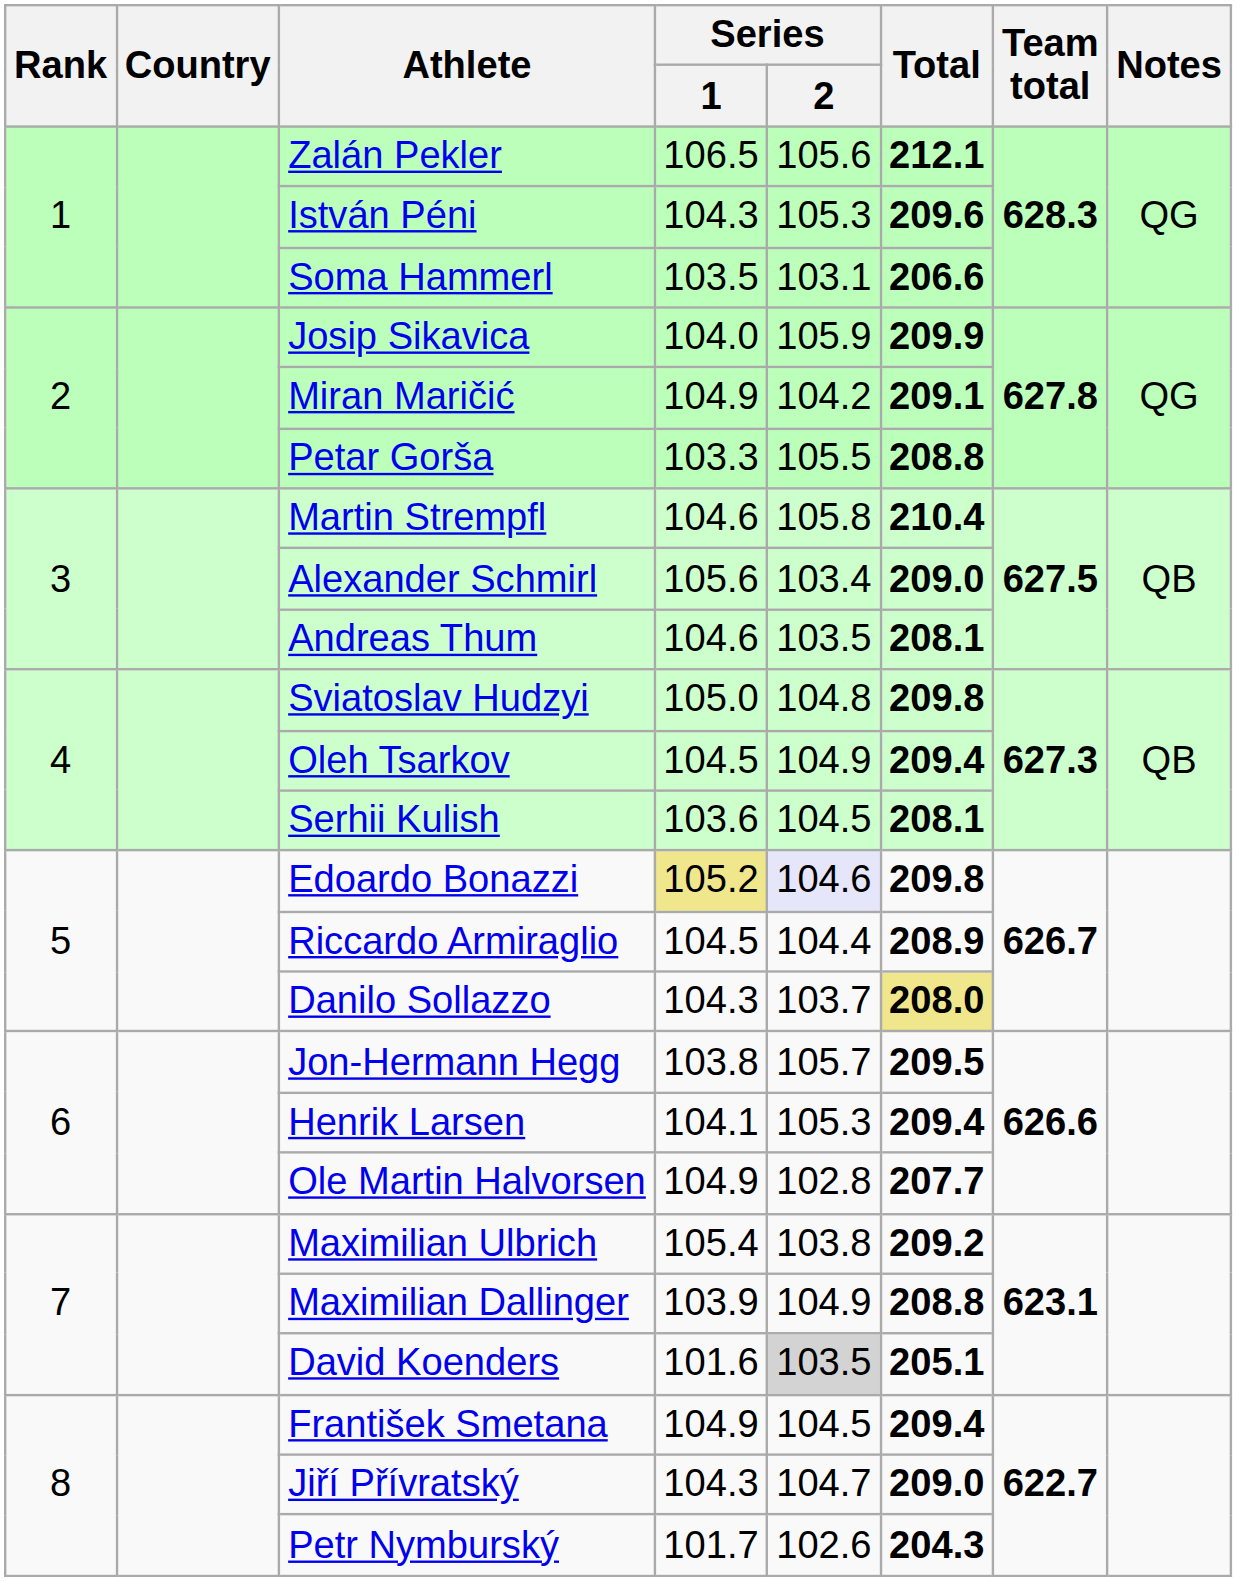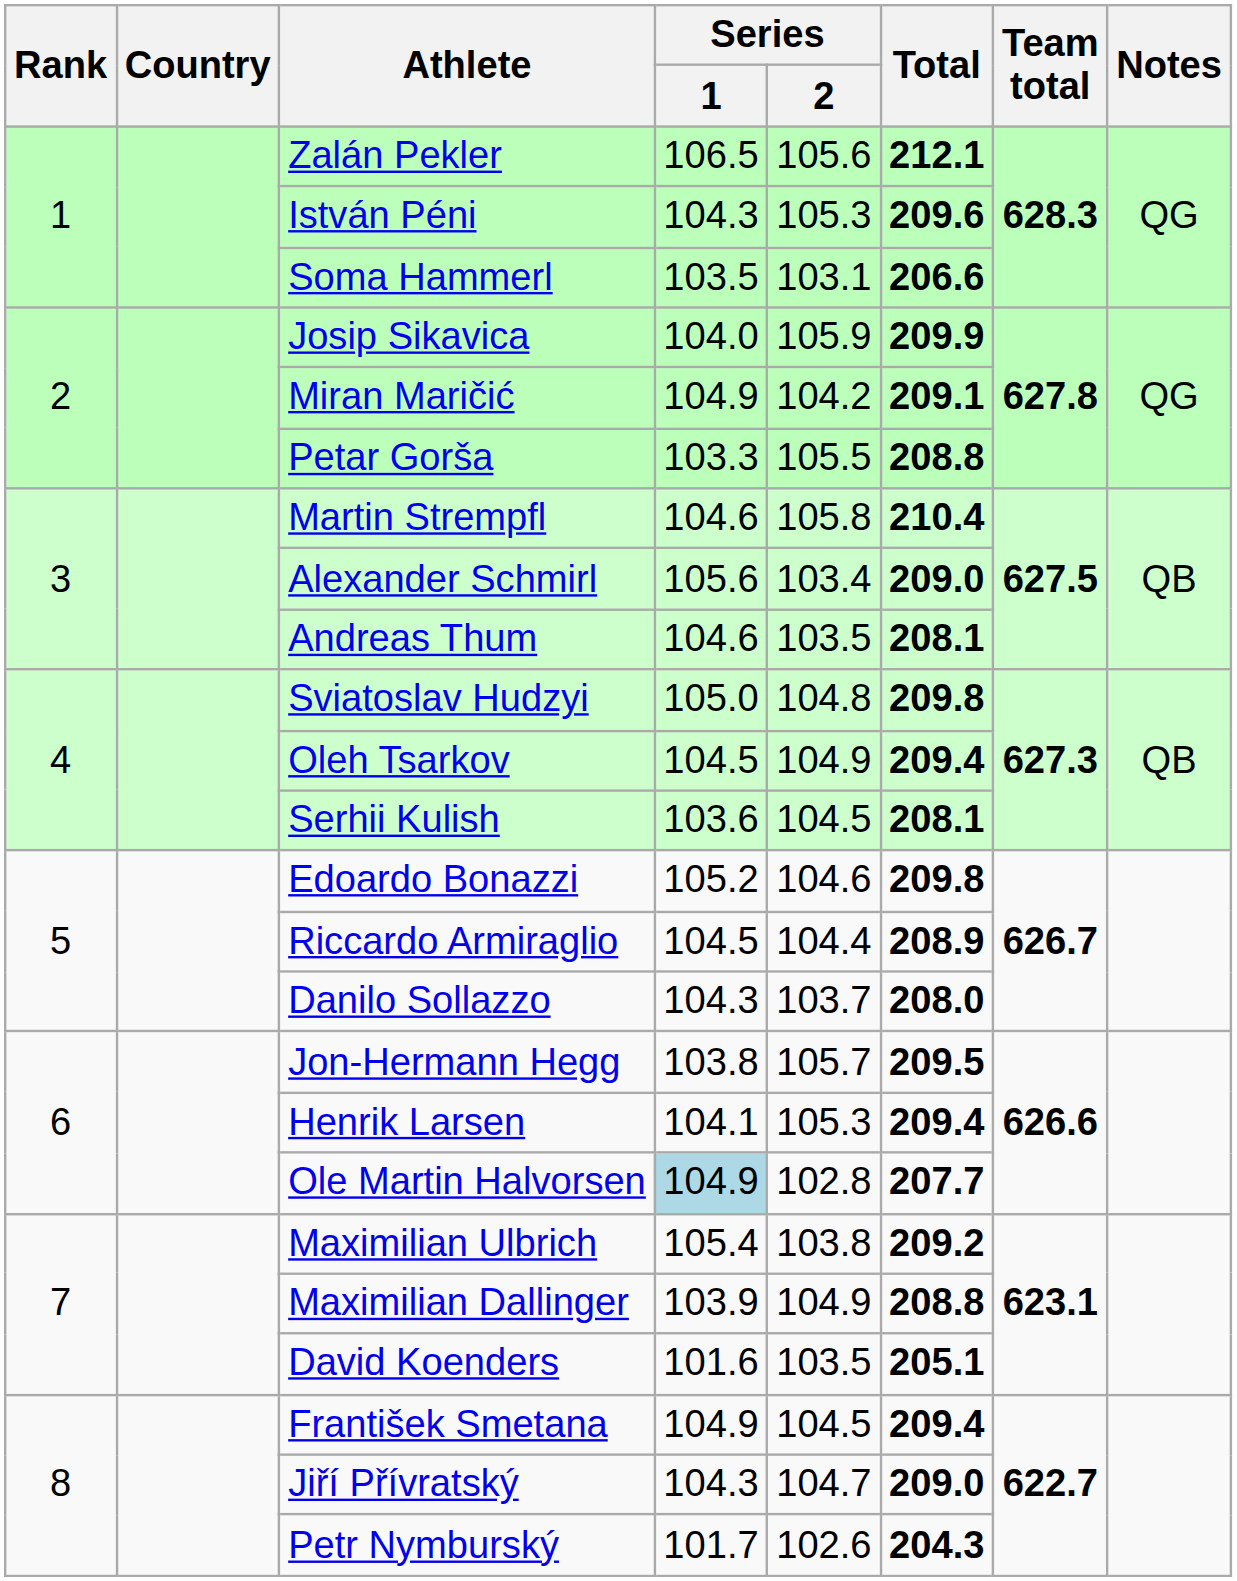 <table class="wikitable sortable" style="text-align:center">
 <tr>
 <th rowspan=2>Rank</th>
 <th rowspan=2>Country</th>
 <th rowspan=2>Athlete</th>
 <th colspan=2>Series</th>
 <th rowspan=2>Total</th>
 <th rowspan=2>Team<br>total</th>
 <th rowspan=2>Notes</th>
 </tr>
 <tr>
 <th width="40px">1</th>
 <th width="40px">2</th>
 </tr>
 <tr bgcolor="bbffbb">
 <td rowspan=3>1</td>
 <td rowspan=3 align=left></td>
 <td align=left><a href='#'>Zalán Pekler</a></td>
 <td>106.5</td>
 <td>105.6</td>
 <td><strong>212.1</strong></td>
 <td rowspan=3><strong>628.3</strong></td>
 <td rowspan=3>QG</td>
 </tr>
 <tr bgcolor=bbffbb>
 <td align=left><a href='#'>István Péni</a></td>
 <td>104.3</td>
 <td>105.3</td>
 <td><strong>209.6</strong></td>
 </tr>
 <tr bgcolor="bbffbb">
 <td align=left><a href='#'>Soma Hammerl</a></td>
 <td>103.5</td>
 <td>103.1</td>
 <td><strong>206.6</strong></td>
 </tr>
 <tr bgcolor=bbffbb>
 <td rowspan=3>2</td>
 <td rowspan=3 align=left></td>
 <td align=left><a href='#'>Josip Sikavica</a></td>
 <td>104.0</td>
 <td>105.9</td>
 <td><strong>209.9</strong></td>
 <td rowspan=3><strong>627.8</strong></td>
 <td rowspan=3>QG</td>
 </tr>
 <tr bgcolor=bbffbb>
 <td align=left><a href='#'>Miran Maričić</a></td>
 <td>104.9</td>
 <td>104.2</td>
 <td><strong>209.1</strong></td>
 </tr>
 <tr bgcolor=bbffbb>
 <td align=left><a href='#'>Petar Gorša</a></td>
 <td>103.3</td>
 <td>105.5</td>
 <td><strong>208.8</strong></td>
 </tr>
 <tr bgcolor=ccffcc>
 <td rowspan=3>3</td>
 <td rowspan=3 align=left></td>
 <td align=left><a href='#'>Martin Strempfl</a></td>
 <td>104.6</td>
 <td>105.8</td>
 <td><strong>210.4</strong></td>
 <td rowspan=3><strong>627.5</strong></td>
 <td rowspan=3>QB</td>
 </tr>
 <tr bgcolor=ccffcc>
 <td align=left><a href='#'>Alexander Schmirl</a></td>
 <td>105.6</td>
 <td>103.4</td>
 <td><strong>209.0</strong></td>
 </tr>
 <tr bgcolor=ccffcc>
 <td align=left><a href='#'>Andreas Thum</a></td>
 <td>104.6</td>
 <td>103.5</td>
 <td><strong>208.1</strong></td>
 </tr>
 <tr bgcolor=ccffcc>
 <td rowspan=3>4</td>
 <td rowspan=3 align=left></td>
 <td align=left><a href='#'>Sviatoslav Hudzyi</a></td>
 <td>105.0</td>
 <td>104.8</td>
 <td><strong>209.8</strong></td>
 <td rowspan=3><strong>627.3</strong></td>
 <td rowspan=3>QB</td>
 </tr>
 <tr bgcolor=ccffcc>
 <td align=left><a href='#'>Oleh Tsarkov</a></td>
 <td>104.5</td>
 <td>104.9</td>
 <td><strong>209.4</strong></td>
 </tr>
 <tr bgcolor=ccffcc>
 <td align=left><a href='#'>Serhii Kulish</a></td>
 <td>103.6</td>
 <td>104.5</td>
 <td><strong>208.1</strong></td>
 </tr>
 <tr>
 <td rowspan=3>5</td>
 <td rowspan=3 align=left></td>
 <td align=left><a href='#'>Edoardo Bonazzi</a></td>
-<td style="background: khaki;">105.2</td>
-<td style="background: lavender;">104.6</td>
+<td>105.2</td>
+<td>104.6</td>
 <td><strong>209.8</strong></td>
 <td rowspan=3><strong>626.7</strong></td>
 <td rowspan=3></td>
 </tr>
 <tr>
 <td align=left><a href='#'>Riccardo Armiraglio</a></td>
 <td>104.5</td>
 <td>104.4</td>
 <td><strong>208.9</strong></td>
 </tr>
 <tr>
 <td align=left><a href='#'>Danilo Sollazzo</a></td>
 <td>104.3</td>
 <td>103.7</td>
-<td style="background: khaki;"><strong>208.0</strong></td>
+<td><strong>208.0</strong></td>
 </tr>
 <tr>
 <td rowspan=3>6</td>
 <td rowspan=3 align=left></td>
 <td align=left><a href='#'>Jon-Hermann Hegg</a></td>
 <td>103.8</td>
 <td>105.7</td>
 <td><strong>209.5</strong></td>
 <td rowspan=3><strong>626.6</strong></td>
 <td rowspan=3></td>
 </tr>
 <tr>
 <td align=left><a href='#'>Henrik Larsen</a></td>
 <td>104.1</td>
 <td>105.3</td>
 <td><strong>209.4</strong></td>
 </tr>
 <tr>
 <td align=left><a href='#'>Ole Martin Halvorsen</a></td>
-<td>104.9</td>
+<td style="background: lightblue;">104.9</td>
 <td>102.8</td>
 <td><strong>207.7</strong></td>
 </tr>
 <tr>
 <td rowspan=3>7</td>
 <td rowspan=3 align=left></td>
 <td align=left><a href='#'>Maximilian Ulbrich</a></td>
 <td>105.4</td>
 <td>103.8</td>
 <td><strong>209.2</strong></td>
 <td rowspan=3><strong>623.1</strong></td>
 <td rowspan=3></td>
 </tr>
 <tr>
 <td align=left><a href='#'>Maximilian Dallinger</a></td>
 <td>103.9</td>
 <td>104.9</td>
 <td><strong>208.8</strong></td>
 </tr>
 <tr>
 <td align=left><a href='#'>David Koenders</a></td>
 <td>101.6</td>
-<td style="background: lightgrey;">103.5</td>
+<td>103.5</td>
 <td><strong>205.1</strong></td>
 </tr>
 <tr>
 <td rowspan=3>8</td>
 <td rowspan=3 align=left></td>
 <td align=left><a href='#'>František Smetana</a></td>
 <td>104.9</td>
 <td>104.5</td>
 <td><strong>209.4</strong></td>
 <td rowspan=3><strong>622.7</strong></td>
 <td rowspan=3></td>
 </tr>
 <tr>
 <td align=left><a href='#'>Jiří Přívratský</a></td>
 <td>104.3</td>
 <td>104.7</td>
 <td><strong>209.0</strong></td>
 </tr>
 <tr>
 <td align=left><a href='#'>Petr Nymburský</a></td>
 <td>101.7</td>
 <td>102.6</td>
 <td><strong>204.3</strong></td>
 </tr>
 </table>
